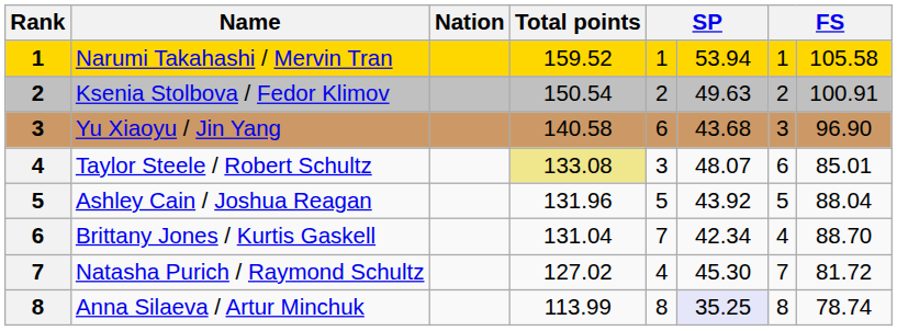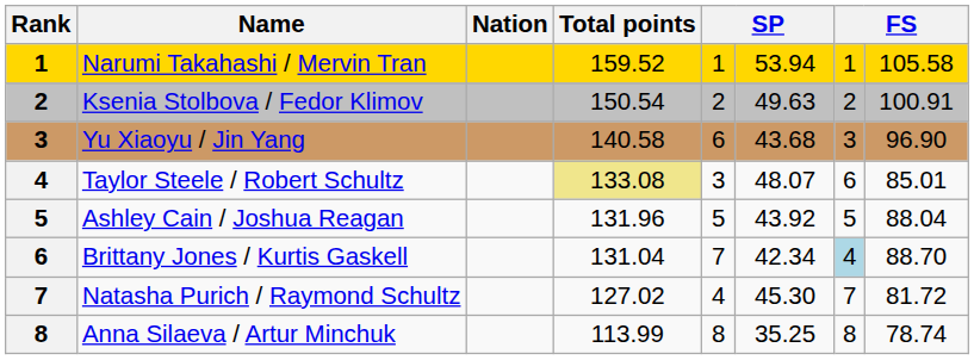 <table class="wikitable sortable">
 <tr>
 <th>Rank</th>
 <th>Name</th>
 <th>Nation</th>
 <th>Total points</th>
 <th colspan="2" width="80px"><a href='#'>SP</a></th>
 <th colspan="2" width="80px"><a href='#'>FS</a></th>
 </tr>
 <tr bgcolor="gold">
 <td align="center"><strong>1</strong></td>
 <td><a href='#'>Narumi Takahashi</a> / <a href='#'>Mervin Tran</a></td>
 <td></td>
 <td align="center">159.52</td>
 <td align="center">1</td>
 <td align="center">53.94</td>
 <td align="center">1</td>
 <td align="center">105.58</td>
 </tr>
 <tr bgcolor="silver">
 <td align="center"><strong>2</strong></td>
 <td><a href='#'>Ksenia Stolbova</a> / <a href='#'>Fedor Klimov</a></td>
 <td></td>
 <td align="center">150.54</td>
 <td align="center">2</td>
 <td align="center">49.63</td>
 <td align="center">2</td>
 <td align="center">100.91</td>
 </tr>
 <tr bgcolor="cc9966">
 <td align="center"><strong>3</strong></td>
 <td><a href='#'>Yu Xiaoyu</a> / <a href='#'>Jin Yang</a></td>
 <td></td>
 <td align="center">140.58</td>
 <td align="center">6</td>
 <td align="center">43.68</td>
 <td align="center">3</td>
 <td align="center">96.90</td>
 </tr>
 <tr>
 <th>4</th>
 <td><a href='#'>Taylor Steele</a> / <a href='#'>Robert Schultz</a></td>
 <td></td>
 <td align="center" style="background: khaki;">133.08</td>
 <td align="center">3</td>
 <td align="center">48.07</td>
 <td align="center">6</td>
 <td align="center">85.01</td>
 </tr>
 <tr>
 <th>5</th>
 <td><a href='#'>Ashley Cain</a> / <a href='#'>Joshua Reagan</a></td>
 <td></td>
 <td align="center">131.96</td>
 <td align="center">5</td>
 <td align="center">43.92</td>
 <td align="center">5</td>
 <td align="center">88.04</td>
 </tr>
 <tr>
 <th>6</th>
 <td><a href='#'>Brittany Jones</a> / <a href='#'>Kurtis Gaskell</a></td>
 <td></td>
 <td align="center">131.04</td>
 <td align="center">7</td>
 <td align="center">42.34</td>
-<td align="center">4</td>
+<td align="center" style="background: lightblue;">4</td>
 <td align="center">88.70</td>
 </tr>
 <tr>
 <th>7</th>
 <td><a href='#'>Natasha Purich</a> / <a href='#'>Raymond Schultz</a></td>
 <td></td>
 <td align="center">127.02</td>
 <td align="center">4</td>
 <td align="center">45.30</td>
 <td align="center">7</td>
 <td align="center">81.72</td>
 </tr>
 <tr>
 <th>8</th>
 <td><a href='#'>Anna Silaeva</a> / <a href='#'>Artur Minchuk</a></td>
 <td></td>
 <td align="center">113.99</td>
 <td align="center">8</td>
-<td align="center" style="background: lavender;">35.25</td>
+<td align="center">35.25</td>
 <td align="center">8</td>
 <td align="center">78.74</td>
 </tr>
 </table>
